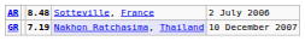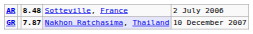 <table class="wikitable" style="font-size:95%; position:relative;">
 <tr>
 <td align=center><strong><a href='#'>AR</a></strong></td>
 <td></td>
 <td><strong>8.48</strong></td>
 <td><a href='#'>Sotteville</a>, <a href='#'>France</a></td>
 <td>2 July 2006</td>
 </tr>
 <tr>
 <td align=center><strong><a href='#'>GR</a></strong></td>
 <td></td>
-<td><strong>7.19</strong></td>
+<td><strong>7.87</strong></td>
 <td style="background: lavender;"><a href='#'>Nakhon Ratchasima</a>, <a href='#'>Thailand</a></td>
 <td>10 December 2007</td>
 </tr>
 </table>
